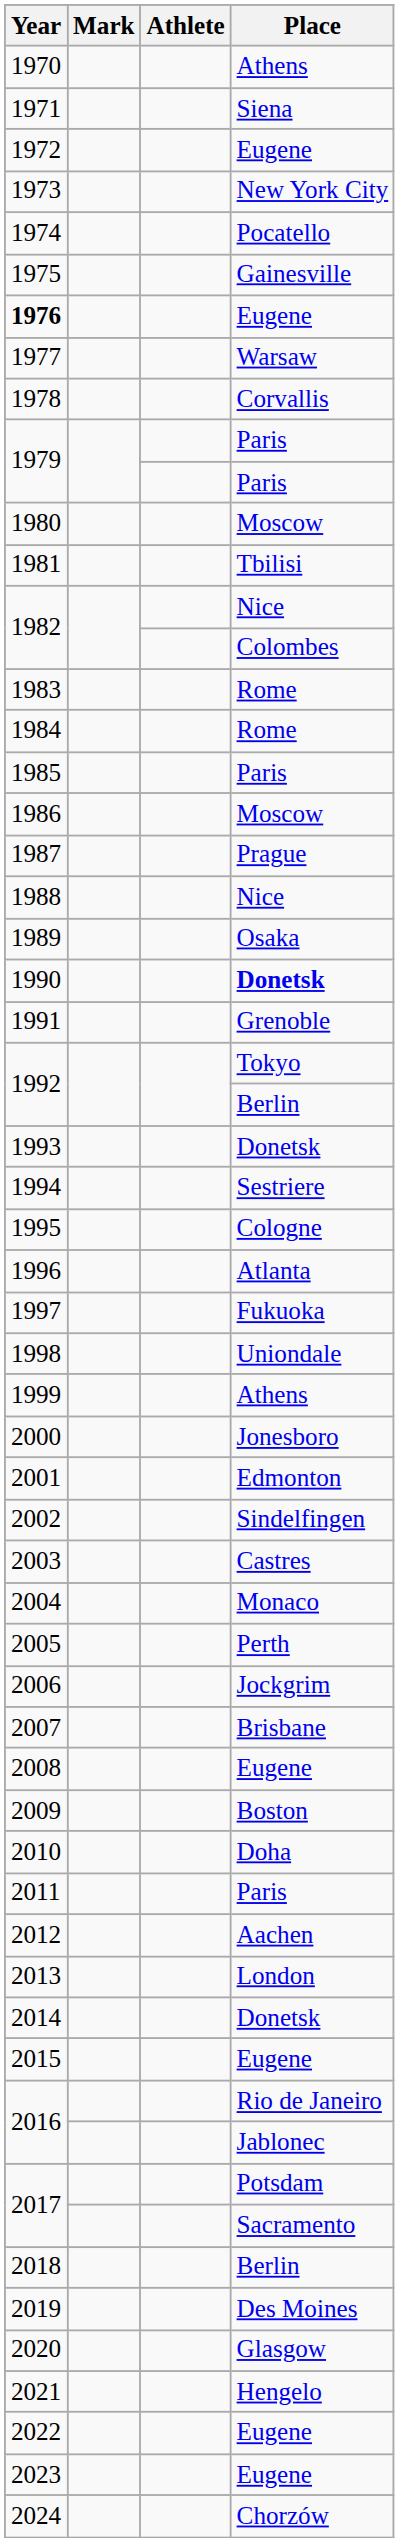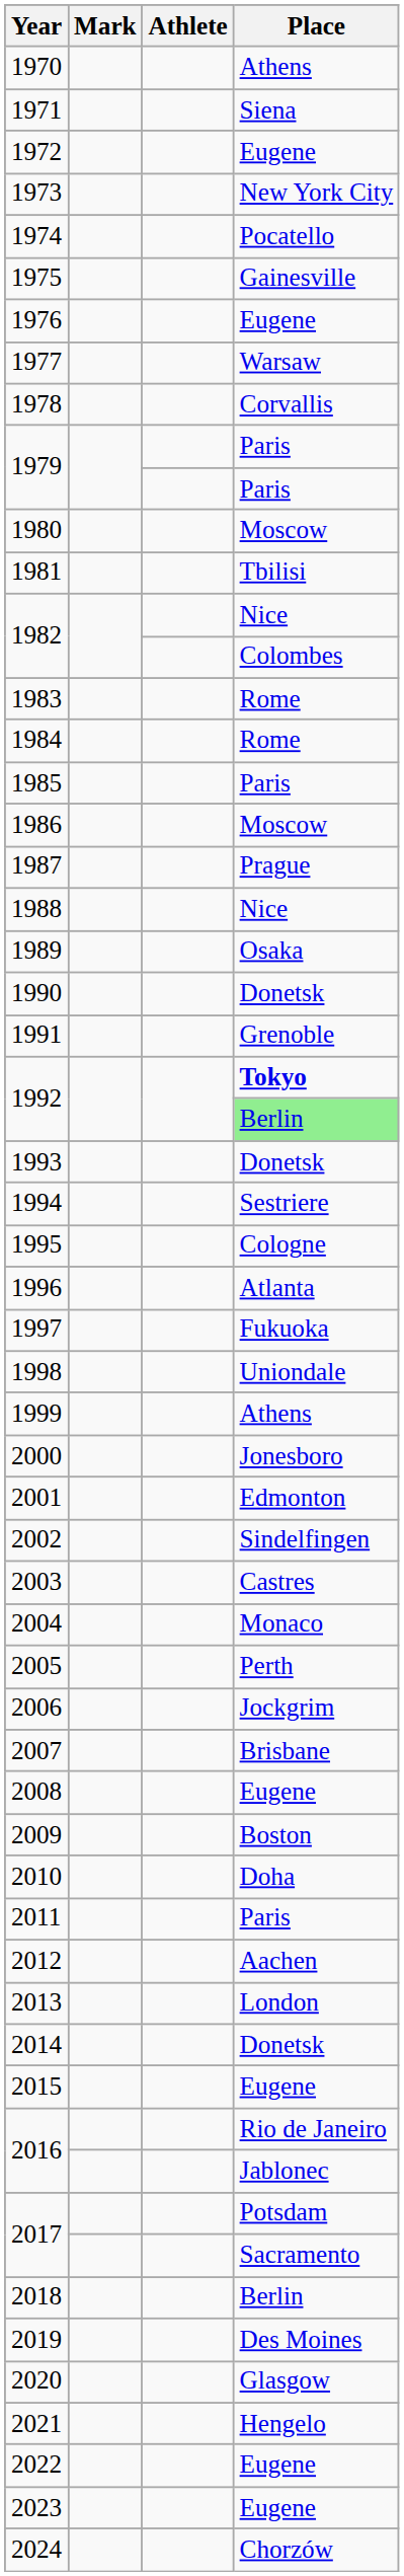 <table class="wikitable sortable" style="font-size:85%;">
 <tr>
 <th>Year</th>
 <th>Mark</th>
 <th>Athlete</th>
 <th>Place</th>
 </tr>
 <tr>
 <td>1970</td>
 <td></td>
 <td align=left></td>
 <td><a href='#'>Athens</a></td>
 </tr>
 <tr>
 <td>1971</td>
 <td></td>
 <td align=left></td>
 <td><a href='#'>Siena</a></td>
 </tr>
 <tr>
 <td>1972</td>
 <td></td>
 <td align=left></td>
 <td><a href='#'>Eugene</a></td>
 </tr>
 <tr>
 <td>1973</td>
 <td></td>
 <td align=left></td>
 <td><a href='#'>New York City</a></td>
 </tr>
 <tr>
 <td>1974</td>
 <td> </td>
 <td align=left></td>
 <td><a href='#'>Pocatello</a></td>
 </tr>
 <tr>
 <td>1975</td>
 <td></td>
 <td align=left></td>
 <td><a href='#'>Gainesville</a></td>
 </tr>
 <tr>
-<td><strong>1976</strong></td>
+<td>1976</td>
 <td></td>
 <td align=left></td>
 <td><a href='#'>Eugene</a></td>
 </tr>
 <tr>
 <td>1977</td>
 <td></td>
 <td align=left></td>
 <td><a href='#'>Warsaw</a></td>
 </tr>
 <tr>
 <td>1978</td>
 <td></td>
 <td align=left></td>
 <td><a href='#'>Corvallis</a></td>
 </tr>
 <tr>
 <td rowspan=2>1979</td>
 <td rowspan=2></td>
 <td align=left></td>
 <td><a href='#'>Paris</a></td>
 </tr>
 <tr>
 <td align=left></td>
 <td><a href='#'>Paris</a></td>
 </tr>
 <tr>
 <td>1980</td>
 <td></td>
 <td align=left></td>
 <td><a href='#'>Moscow</a></td>
 </tr>
 <tr>
 <td>1981</td>
 <td></td>
 <td align=left></td>
 <td><a href='#'>Tbilisi</a></td>
 </tr>
 <tr>
 <td rowspan=2>1982</td>
 <td rowspan=2></td>
 <td align=left></td>
 <td><a href='#'>Nice</a></td>
 </tr>
 <tr>
 <td align=left></td>
 <td><a href='#'>Colombes</a></td>
 </tr>
 <tr>
 <td>1983</td>
 <td></td>
 <td align=left></td>
 <td><a href='#'>Rome</a></td>
 </tr>
 <tr>
 <td>1984</td>
 <td></td>
 <td align=left></td>
 <td><a href='#'>Rome</a></td>
 </tr>
 <tr>
 <td>1985</td>
 <td></td>
 <td align=left></td>
 <td><a href='#'>Paris</a></td>
 </tr>
 <tr>
 <td>1986</td>
 <td></td>
 <td align=left></td>
 <td><a href='#'>Moscow</a></td>
 </tr>
 <tr>
 <td>1987</td>
 <td></td>
 <td align=left></td>
 <td><a href='#'>Prague</a></td>
 </tr>
 <tr>
 <td>1988</td>
 <td></td>
 <td align=left></td>
 <td><a href='#'>Nice</a></td>
 </tr>
 <tr>
 <td>1989</td>
 <td> </td>
 <td align=left></td>
 <td><a href='#'>Osaka</a></td>
 </tr>
 <tr>
 <td>1990</td>
 <td> </td>
 <td align=left></td>
-<td><strong><a href='#'>Donetsk</a></strong></td>
+<td><a href='#'>Donetsk</a></td>
 </tr>
 <tr>
 <td>1991</td>
 <td> </td>
 <td align=left></td>
 <td><a href='#'>Grenoble</a></td>
 </tr>
 <tr>
 <td rowspan=2>1992</td>
 <td rowspan=2></td>
 <td rowspan=2 align=left></td>
-<td><a href='#'>Tokyo</a></td>
+<td><strong><a href='#'>Tokyo</a></strong></td>
 </tr>
 <tr>
-<td><a href='#'>Berlin</a></td>
+<td style="background: lightgreen;"><a href='#'>Berlin</a></td>
 </tr>
 <tr>
 <td>1993</td>
 <td> </td>
 <td align=left></td>
 <td><a href='#'>Donetsk</a></td>
 </tr>
 <tr>
 <td>1994</td>
 <td> </td>
 <td align=left></td>
 <td><a href='#'>Sestriere</a></td>
 </tr>
 <tr>
 <td>1995</td>
 <td></td>
 <td align=left></td>
 <td><a href='#'>Cologne</a></td>
 </tr>
 <tr>
 <td>1996</td>
 <td></td>
 <td align=left></td>
 <td><a href='#'>Atlanta</a></td>
 </tr>
 <tr>
 <td>1997</td>
 <td></td>
 <td align=left></td>
 <td><a href='#'>Fukuoka</a></td>
 </tr>
 <tr>
 <td>1998</td>
 <td></td>
 <td align=left></td>
 <td><a href='#'>Uniondale</a></td>
 </tr>
 <tr>
 <td>1999</td>
 <td></td>
 <td align=left></td>
 <td><a href='#'>Athens</a></td>
 </tr>
 <tr>
 <td>2000</td>
 <td></td>
 <td align=left></td>
 <td><a href='#'>Jonesboro</a></td>
 </tr>
 <tr>
 <td>2001</td>
 <td></td>
 <td align=left></td>
 <td><a href='#'>Edmonton</a></td>
 </tr>
 <tr>
 <td>2002</td>
 <td> </td>
 <td align=left></td>
 <td><a href='#'>Sindelfingen</a></td>
 </tr>
 <tr>
 <td>2003</td>
 <td></td>
 <td align=left></td>
 <td><a href='#'>Castres</a></td>
 </tr>
 <tr>
 <td>2004</td>
 <td></td>
 <td align=left></td>
 <td><a href='#'>Monaco</a></td>
 </tr>
 <tr>
 <td>2005</td>
 <td></td>
 <td align=left></td>
 <td><a href='#'>Perth</a></td>
 </tr>
 <tr>
 <td>2006</td>
 <td></td>
 <td align=left></td>
 <td><a href='#'>Jockgrim</a></td>
 </tr>
 <tr>
 <td>2007</td>
 <td></td>
 <td align=left></td>
 <td><a href='#'>Brisbane</a></td>
 </tr>
 <tr>
 <td>2008</td>
 <td></td>
 <td align=left></td>
 <td><a href='#'>Eugene</a></td>
 </tr>
 <tr>
 <td>2009</td>
 <td></td>
 <td align=left></td>
 <td><a href='#'>Boston</a></td>
 </tr>
 <tr>
 <td>2010</td>
 <td> </td>
 <td align=left></td>
 <td><a href='#'>Doha</a></td>
 </tr>
 <tr>
 <td>2011</td>
 <td> </td>
 <td align=left></td>
 <td><a href='#'>Paris</a></td>
 </tr>
 <tr>
 <td>2012</td>
 <td></td>
 <td align=left></td>
 <td><a href='#'>Aachen</a></td>
 </tr>
 <tr>
 <td>2013</td>
 <td></td>
 <td align=left></td>
 <td><a href='#'>London</a></td>
 </tr>
 <tr>
 <td>2014</td>
 <td> </td>
 <td align=left></td>
 <td><a href='#'>Donetsk</a></td>
 </tr>
 <tr>
 <td>2015</td>
 <td></td>
 <td align=left></td>
 <td><a href='#'>Eugene</a></td>
 </tr>
 <tr>
 <td rowspan=2>2016</td>
 <td></td>
 <td align=left></td>
 <td><a href='#'>Rio de Janeiro</a></td>
 </tr>
 <tr>
 <td> </td>
 <td align=left></td>
 <td><a href='#'>Jablonec</a></td>
 </tr>
 <tr>
 <td rowspan=2>2017</td>
 <td> </td>
 <td align=left></td>
 <td><a href='#'>Potsdam</a></td>
 </tr>
 <tr>
 <td></td>
 <td align=left></td>
 <td><a href='#'>Sacramento</a></td>
 </tr>
 <tr>
 <td>2018</td>
 <td></td>
 <td align=left></td>
 <td><a href='#'>Berlin</a></td>
 </tr>
 <tr>
 <td>2019</td>
 <td></td>
 <td align=left></td>
 <td><a href='#'>Des Moines</a></td>
 </tr>
 <tr>
 <td>2020</td>
 <td> </td>
 <td align=left></td>
 <td><a href='#'>Glasgow</a></td>
 </tr>
 <tr>
 <td>2021</td>
 <td></td>
 <td align=left></td>
 <td><a href='#'>Hengelo</a></td>
 </tr>
 <tr>
 <td>2022</td>
 <td></td>
 <td align=left></td>
 <td><a href='#'>Eugene</a></td>
 </tr>
 <tr>
 <td>2023</td>
 <td></td>
 <td align=left></td>
 <td><a href='#'>Eugene</a></td>
 </tr>
 <tr>
 <td>2024</td>
 <td></td>
 <td align=left></td>
 <td><a href='#'>Chorzów</a></td>
 </tr>
 </table>
